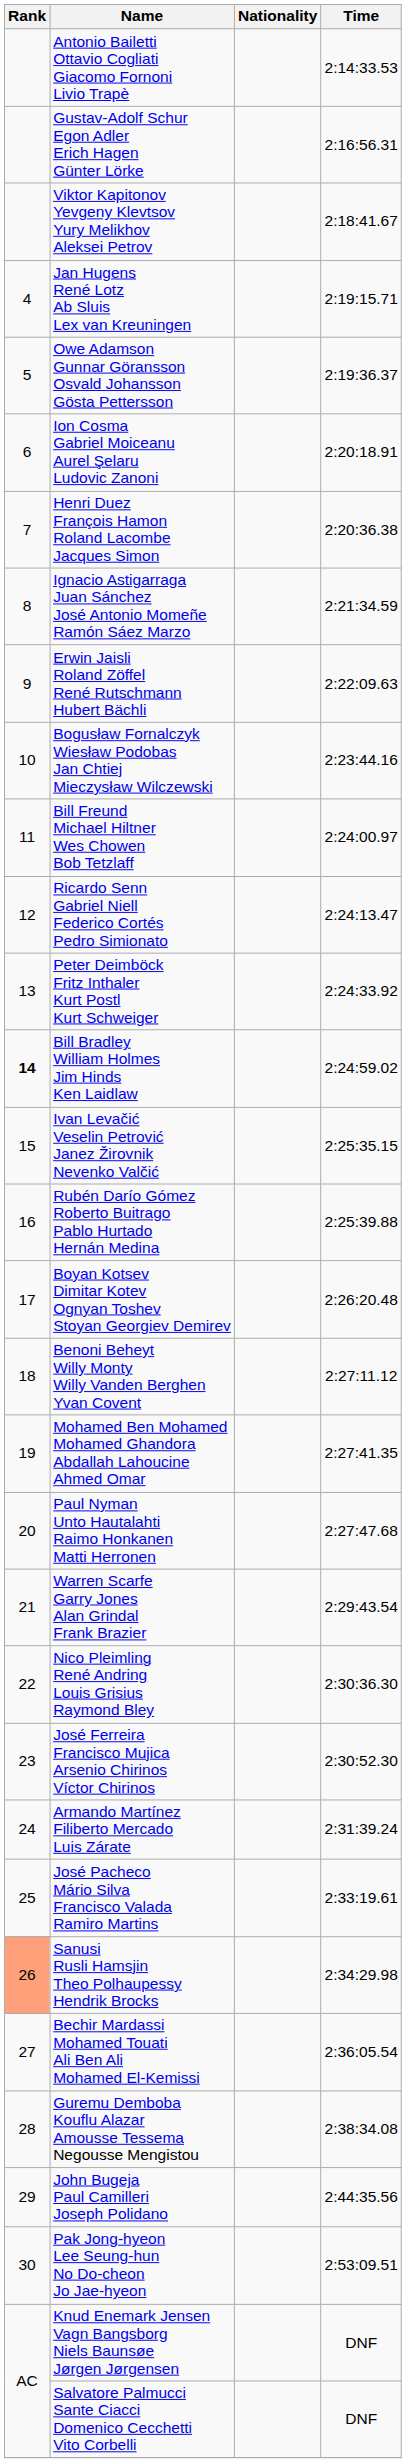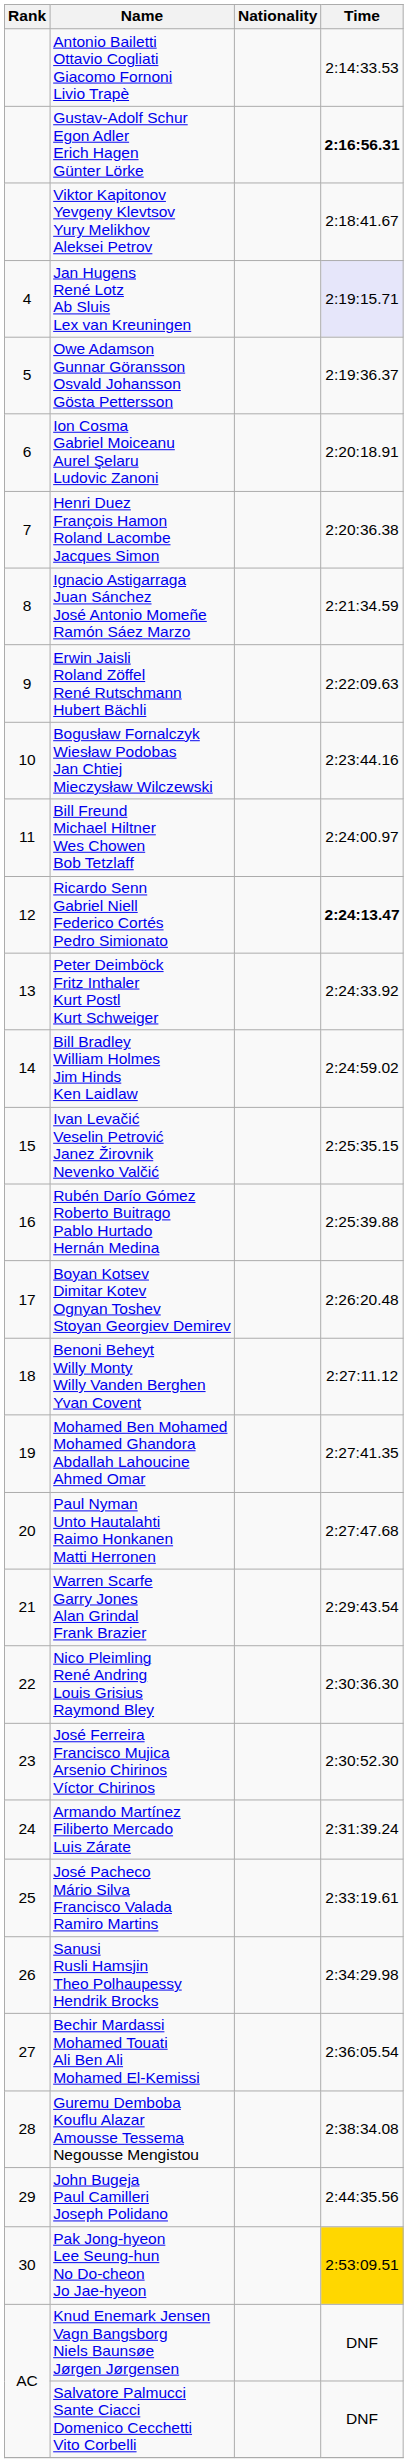 <table class="wikitable sortable" style="text-align:center">
 <tr>
 <th>Rank</th>
 <th>Name</th>
 <th>Nationality</th>
 <th>Time</th>
 </tr>
 <tr>
 <td></td>
 <td align=left><a href='#'>Antonio Bailetti</a><br><a href='#'>Ottavio Cogliati</a><br><a href='#'>Giacomo Fornoni</a><br><a href='#'>Livio Trapè</a></td>
 <td align=left></td>
 <td>2:14:33.53</td>
 </tr>
 <tr>
 <td></td>
 <td align=left><a href='#'>Gustav-Adolf Schur</a><br><a href='#'>Egon Adler</a><br><a href='#'>Erich Hagen</a><br><a href='#'>Günter Lörke</a></td>
 <td align=left></td>
-<td>2:16:56.31</td>
+<td><strong>2:16:56.31</strong></td>
 </tr>
 <tr>
 <td></td>
 <td align=left><a href='#'>Viktor Kapitonov</a><br><a href='#'>Yevgeny Klevtsov</a><br><a href='#'>Yury Melikhov</a><br><a href='#'>Aleksei Petrov</a></td>
 <td align=left></td>
 <td>2:18:41.67</td>
 </tr>
 <tr>
 <td>4</td>
 <td align=left><a href='#'>Jan Hugens</a><br><a href='#'>René Lotz</a><br><a href='#'>Ab Sluis</a><br><a href='#'>Lex van Kreuningen</a></td>
 <td align=left></td>
-<td>2:19:15.71</td>
+<td style="background: lavender;">2:19:15.71</td>
 </tr>
 <tr>
 <td>5</td>
 <td align=left><a href='#'>Owe Adamson</a><br><a href='#'>Gunnar Göransson</a><br><a href='#'>Osvald Johansson</a><br><a href='#'>Gösta Pettersson</a></td>
 <td align=left></td>
 <td>2:19:36.37</td>
 </tr>
 <tr>
 <td>6</td>
 <td align=left><a href='#'>Ion Cosma</a><br><a href='#'>Gabriel Moiceanu</a><br><a href='#'>Aurel Şelaru</a><br><a href='#'>Ludovic Zanoni</a></td>
 <td align=left></td>
 <td>2:20:18.91</td>
 </tr>
 <tr>
 <td>7</td>
 <td align=left><a href='#'>Henri Duez</a><br><a href='#'>François Hamon</a><br><a href='#'>Roland Lacombe</a><br><a href='#'>Jacques Simon</a></td>
 <td align=left></td>
 <td>2:20:36.38</td>
 </tr>
 <tr>
 <td>8</td>
 <td align=left><a href='#'>Ignacio Astigarraga</a><br><a href='#'>Juan Sánchez</a><br><a href='#'>José Antonio Momeñe</a><br><a href='#'>Ramón Sáez Marzo</a></td>
 <td align=left></td>
 <td>2:21:34.59</td>
 </tr>
 <tr>
 <td>9</td>
 <td align=left><a href='#'>Erwin Jaisli</a><br><a href='#'>Roland Zöffel</a><br><a href='#'>René Rutschmann</a><br><a href='#'>Hubert Bächli</a></td>
 <td align=left></td>
 <td>2:22:09.63</td>
 </tr>
 <tr>
 <td>10</td>
 <td align=left><a href='#'>Bogusław Fornalczyk</a><br><a href='#'>Wiesław Podobas</a><br><a href='#'>Jan Chtiej</a><br><a href='#'>Mieczysław Wilczewski</a></td>
 <td align=left></td>
 <td>2:23:44.16</td>
 </tr>
 <tr>
 <td>11</td>
 <td align=left><a href='#'>Bill Freund</a><br><a href='#'>Michael Hiltner</a><br><a href='#'>Wes Chowen</a><br><a href='#'>Bob Tetzlaff</a></td>
 <td align=left></td>
 <td>2:24:00.97</td>
 </tr>
 <tr>
 <td>12</td>
 <td align=left><a href='#'>Ricardo Senn</a><br><a href='#'>Gabriel Niell</a><br><a href='#'>Federico Cortés</a><br><a href='#'>Pedro Simionato</a></td>
 <td align=left></td>
-<td>2:24:13.47</td>
+<td><strong>2:24:13.47</strong></td>
 </tr>
 <tr>
 <td>13</td>
 <td align=left><a href='#'>Peter Deimböck</a><br><a href='#'>Fritz Inthaler</a><br><a href='#'>Kurt Postl</a><br><a href='#'>Kurt Schweiger</a></td>
 <td align=left></td>
 <td>2:24:33.92</td>
 </tr>
 <tr>
-<td><strong>14</strong></td>
+<td>14</td>
 <td align=left><a href='#'>Bill Bradley</a><br><a href='#'>William Holmes</a><br><a href='#'>Jim Hinds</a><br><a href='#'>Ken Laidlaw</a></td>
 <td align=left></td>
 <td>2:24:59.02</td>
 </tr>
 <tr>
 <td>15</td>
 <td align=left><a href='#'>Ivan Levačić</a><br><a href='#'>Veselin Petrović</a><br><a href='#'>Janez Žirovnik</a><br><a href='#'>Nevenko Valčić</a></td>
 <td align=left></td>
 <td>2:25:35.15</td>
 </tr>
 <tr>
 <td>16</td>
 <td align=left><a href='#'>Rubén Darío Gómez</a><br><a href='#'>Roberto Buitrago</a><br><a href='#'>Pablo Hurtado</a><br><a href='#'>Hernán Medina</a></td>
 <td align=left></td>
 <td>2:25:39.88</td>
 </tr>
 <tr>
 <td>17</td>
 <td align=left><a href='#'>Boyan Kotsev</a><br><a href='#'>Dimitar Kotev</a><br><a href='#'>Ognyan Toshev</a><br><a href='#'>Stoyan Georgiev Demirev</a></td>
 <td align=left></td>
 <td>2:26:20.48</td>
 </tr>
 <tr>
 <td>18</td>
 <td align=left><a href='#'>Benoni Beheyt</a><br><a href='#'>Willy Monty</a><br><a href='#'>Willy Vanden Berghen</a><br><a href='#'>Yvan Covent</a></td>
 <td align=left></td>
 <td>2:27:11.12</td>
 </tr>
 <tr>
 <td>19</td>
 <td align=left><a href='#'>Mohamed Ben Mohamed</a><br><a href='#'>Mohamed Ghandora</a><br><a href='#'>Abdallah Lahoucine</a><br><a href='#'>Ahmed Omar</a></td>
 <td align=left></td>
 <td>2:27:41.35</td>
 </tr>
 <tr>
 <td>20</td>
 <td align=left><a href='#'>Paul Nyman</a><br><a href='#'>Unto Hautalahti</a><br><a href='#'>Raimo Honkanen</a><br><a href='#'>Matti Herronen</a></td>
 <td align=left></td>
 <td>2:27:47.68</td>
 </tr>
 <tr>
 <td>21</td>
 <td align=left><a href='#'>Warren Scarfe</a><br><a href='#'>Garry Jones</a><br><a href='#'>Alan Grindal</a><br><a href='#'>Frank Brazier</a></td>
 <td align=left></td>
 <td>2:29:43.54</td>
 </tr>
 <tr>
 <td>22</td>
 <td align=left><a href='#'>Nico Pleimling</a><br><a href='#'>René Andring</a><br><a href='#'>Louis Grisius</a><br><a href='#'>Raymond Bley</a></td>
 <td align=left></td>
 <td>2:30:36.30</td>
 </tr>
 <tr>
 <td>23</td>
 <td align=left><a href='#'>José Ferreira</a><br><a href='#'>Francisco Mujica</a><br><a href='#'>Arsenio Chirinos</a><br><a href='#'>Víctor Chirinos</a></td>
 <td align=left></td>
 <td>2:30:52.30</td>
 </tr>
 <tr>
 <td>24</td>
 <td align=left><a href='#'>Armando Martínez</a><br><a href='#'>Filiberto Mercado</a><br><a href='#'>Luis Zárate</a></td>
 <td align=left></td>
 <td>2:31:39.24</td>
 </tr>
 <tr>
 <td>25</td>
 <td align=left><a href='#'>José Pacheco</a><br><a href='#'>Mário Silva</a><br><a href='#'>Francisco Valada</a><br><a href='#'>Ramiro Martins</a></td>
 <td align=left></td>
 <td>2:33:19.61</td>
 </tr>
 <tr>
-<td style="background: lightsalmon;">26</td>
+<td>26</td>
 <td align=left><a href='#'>Sanusi</a><br><a href='#'>Rusli Hamsjin</a><br><a href='#'>Theo Polhaupessy</a><br><a href='#'>Hendrik Brocks</a></td>
 <td align=left></td>
 <td>2:34:29.98</td>
 </tr>
 <tr>
 <td>27</td>
 <td align=left><a href='#'>Bechir Mardassi</a><br><a href='#'>Mohamed Touati</a><br><a href='#'>Ali Ben Ali</a><br><a href='#'>Mohamed El-Kemissi</a></td>
 <td align=left></td>
 <td>2:36:05.54</td>
 </tr>
 <tr>
 <td>28</td>
 <td align=left><a href='#'>Guremu Demboba</a><br><a href='#'>Kouflu Alazar</a><br><a href='#'>Amousse Tessema</a><br>Negousse Mengistou</td>
 <td align=left></td>
 <td>2:38:34.08</td>
 </tr>
 <tr>
 <td>29</td>
 <td align=left><a href='#'>John Bugeja</a><br><a href='#'>Paul Camilleri</a><br><a href='#'>Joseph Polidano</a></td>
 <td align=left></td>
 <td>2:44:35.56</td>
 </tr>
 <tr>
 <td>30</td>
 <td align=left><a href='#'>Pak Jong-hyeon</a><br><a href='#'>Lee Seung-hun</a><br><a href='#'>No Do-cheon</a><br><a href='#'>Jo Jae-hyeon</a></td>
 <td align=left></td>
-<td>2:53:09.51</td>
+<td style="background: gold;">2:53:09.51</td>
 </tr>
 <tr>
 <td rowspan=2>AC</td>
 <td align=left><a href='#'>Knud Enemark Jensen</a><br><a href='#'>Vagn Bangsborg</a><br><a href='#'>Niels Baunsøe</a><br><a href='#'>Jørgen Jørgensen</a></td>
 <td align=left></td>
 <td>DNF</td>
 </tr>
 <tr>
 <td align=left><a href='#'>Salvatore Palmucci</a><br><a href='#'>Sante Ciacci</a><br><a href='#'>Domenico Cecchetti</a><br><a href='#'>Vito Corbelli</a></td>
 <td align=left></td>
 <td>DNF</td>
 </tr>
 <tr>
 </tr>
 </table>
